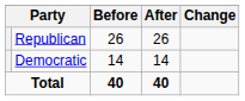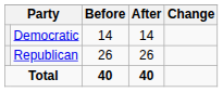 <table class="wikitable" style="text-align:center;">
 <tr>
 </tr>
 <tr>
 <th colspan=2>Party</th>
 <th>Before</th>
 <th>After</th>
 <th>Change</th>
 </tr>
 <tr>
 <th style="background-color:"></th>
-<td style="text-align:left;"><a href='#'>Republican</a></td>
-<td>26</td>
-<td>26</td>
+<td style="text-align:left;"><a href='#'>Democratic</a></td>
+<td>14</td>
+<td>14</td>
 <td></td>
 </tr>
 <tr>
 <th style="background-color:"></th>
-<td style="text-align:left;"><a href='#'>Democratic</a></td>
-<td>14</td>
-<td>14</td>
+<td style="text-align:left;"><a href='#'>Republican</a></td>
+<td>26</td>
+<td>26</td>
 <td></td>
 </tr>
 <tr>
 <td colspan=2><strong>Total</strong></td>
 <td><strong>40</strong></td>
 <td><strong>40</strong></td>
 <td></td>
 </tr>
 </table>
